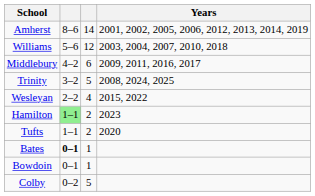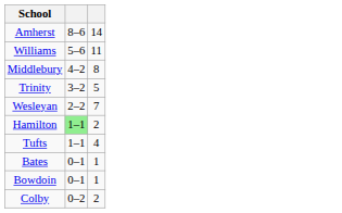 <table class="wikitable sortable" style="text-align:center;">
 <tr>
 <th>School</th>
 <th></th>
 <th></th>
-<th>Years</th>
 </tr>
 <tr>
 <td><a href='#'>Amherst</a></td>
 <td>8–6</td>
 <td>14</td>
-<td align=left>2001, 2002, 2005, 2006, 2012, 2013, 2014, 2019</td>
 </tr>
 <tr>
 <td><a href='#'>Williams</a></td>
 <td>5–6</td>
-<td>12</td>
-<td align=left>2003, 2004, 2007, 2010, 2018</td>
+<td>11</td>
 </tr>
 <tr>
 <td><a href='#'>Middlebury</a></td>
 <td>4–2</td>
-<td>6</td>
-<td align=left>2009, 2011, 2016, 2017</td>
+<td>8</td>
 </tr>
 <tr>
 <td><a href='#'>Trinity</a></td>
 <td>3–2</td>
 <td>5</td>
-<td align=left>2008, 2024, 2025</td>
 </tr>
 <tr>
 <td><a href='#'>Wesleyan</a></td>
 <td>2–2</td>
-<td>4</td>
-<td align=left>2015, 2022</td>
+<td>7</td>
 </tr>
 <tr>
 <td><a href='#'>Hamilton</a></td>
 <td style="background: lightgreen;">1–1</td>
 <td>2</td>
-<td align=left>2023</td>
 </tr>
 <tr>
 <td><a href='#'>Tufts</a></td>
 <td>1–1</td>
-<td>2</td>
-<td align=left>2020</td>
+<td>4</td>
 </tr>
 <tr>
 <td><a href='#'>Bates</a></td>
-<td><strong>0–1</strong></td>
+<td>0–1</td>
 <td>1</td>
-<td align=left></td>
 </tr>
 <tr>
 <td><a href='#'>Bowdoin</a></td>
 <td>0–1</td>
 <td>1</td>
-<td align=left></td>
 </tr>
 <tr>
 <td><a href='#'>Colby</a></td>
 <td>0–2</td>
-<td>5</td>
-<td align=left></td>
+<td>2</td>
 </tr>
 </table>
